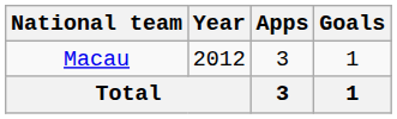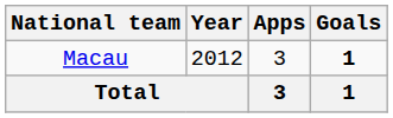 <table class="wikitable" style="text-align:center">
 <tr>
 <th>National team</th>
 <th>Year</th>
 <th>Apps</th>
 <th>Goals</th>
 </tr>
 <tr>
 <td><a href='#'>Macau</a></td>
 <td>2012</td>
 <td>3</td>
-<td>1</td>
+<td><strong>1</strong></td>
 </tr>
 <tr>
 <th colspan="2">Total</th>
 <th>3</th>
 <th>1</th>
 </tr>
 </table>
